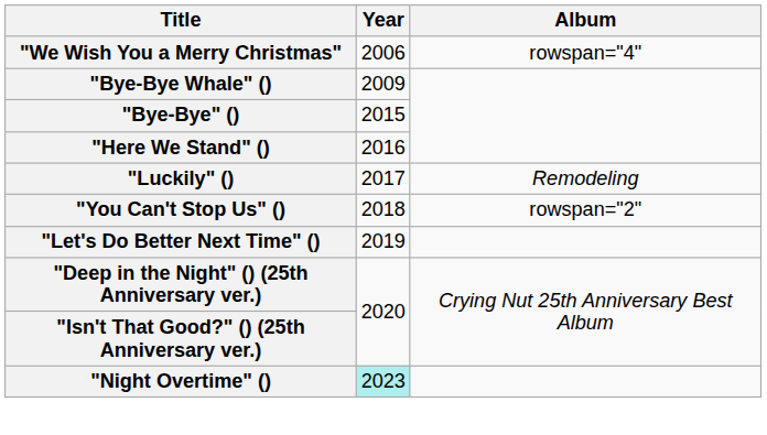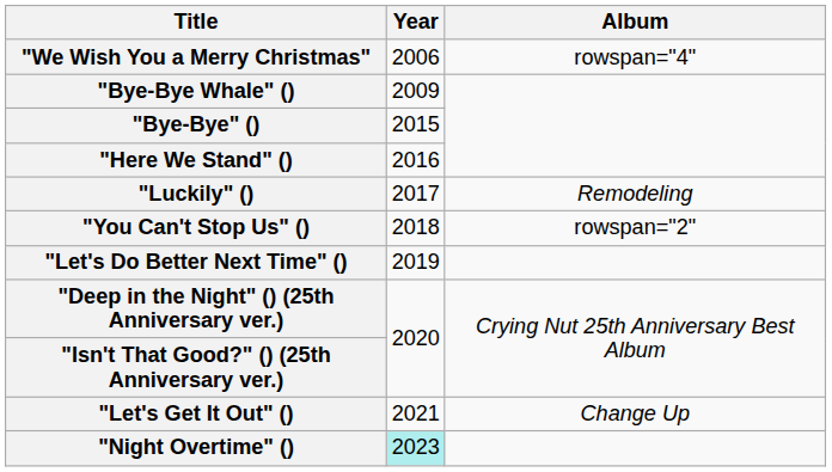 <table class="wikitable plainrowheaders" style="text-align:center;">
 <tr>
 <th scope="col" style="width:20em;">Title</th>
 <th scope="col">Year</th>
 <th scope="col" style="width:20em;">Album</th>
 </tr>
 <tr>
 <th scope="row">"We Wish You a Merry Christmas"</th>
 <td>2006</td>
 <td>rowspan="4" </td>
 </tr>
 <tr>
 <th scope="row">"Bye-Bye Whale" ()</th>
 <td>2009</td>
 </tr>
 <tr>
 <th scope="row">"Bye-Bye" ()</th>
 <td>2015</td>
 </tr>
 <tr>
 <th scope="row">"Here We Stand" () </th>
 <td>2016</td>
 </tr>
 <tr>
 <th scope="row">"Luckily" ()</th>
 <td>2017</td>
 <td><em>Remodeling</em></td>
 </tr>
 <tr>
 <th scope="row">"You Can't Stop Us" ()</th>
 <td>2018</td>
 <td>rowspan="2" </td>
 </tr>
 <tr>
 <th scope="row">"Let's Do Better Next Time" ()</th>
 <td>2019</td>
 </tr>
 <tr>
 <th scope="row">"Deep in the Night" () (25th Anniversary ver.)</th>
 <td rowspan="2">2020</td>
 <td rowspan="2"><em>Crying Nut 25th Anniversary Best Album</em></td>
 </tr>
 <tr>
 <th scope="row">"Isn't That Good?" () (25th Anniversary ver.)</th>
 </tr>
 <tr>
+<th scope="row">"Let's Get It Out" () </th>
+<td>2021</td>
+<td><em>Change Up</em></td>
+</tr>
+<tr>
 <th scope="row">"Night Overtime" ()</th>
 <td style="background: paleturquoise;">2023</td>
 <td></td>
 </tr>
 </table>
